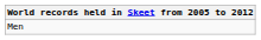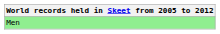 <table class="wikitable" style="font-size: 95%">
 <tr>
 <th colspan=7>World records held in <a href='#'>Skeet</a> from 2005 to 2012</th>
 </tr>
 <tr>
-<td rowspan=1>Men<br></td>
+<td rowspan=1 style="background: lightgreen;">Men<br></td>
 </tr>
 </table>
